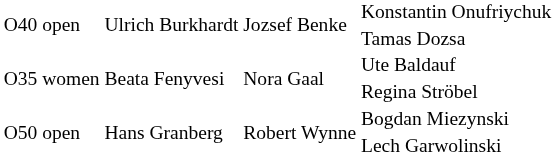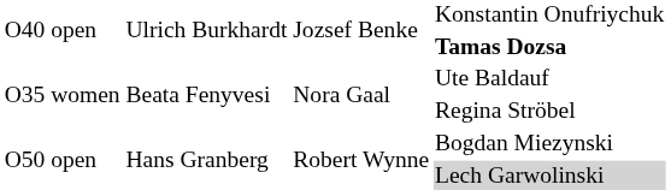 <table>
 <tr>
 <td rowspan="2">O40 open<br></td>
 <td rowspan="2"> Ulrich Burkhardt</td>
 <td rowspan="2"> Jozsef Benke</td>
 <td> Konstantin Onufriychuk</td>
 </tr>
 <tr>
-<td> Tamas Dozsa</td>
+<td><strong> Tamas Dozsa</strong></td>
 </tr>
 <tr>
 <td rowspan="2">O35 women<br></td>
 <td rowspan="2"> Beata Fenyvesi</td>
 <td rowspan="2"> Nora Gaal</td>
 <td> Ute Baldauf</td>
 </tr>
 <tr>
 <td> Regina Ströbel</td>
 </tr>
 <tr>
 <td rowspan="2">O50 open<br></td>
 <td rowspan="2"> Hans Granberg</td>
 <td rowspan="2"> Robert Wynne</td>
 <td> Bogdan Miezynski</td>
 </tr>
 <tr>
-<td> Lech Garwolinski</td>
+<td style="background: lightgrey;"> Lech Garwolinski</td>
 </tr>
 </table>
